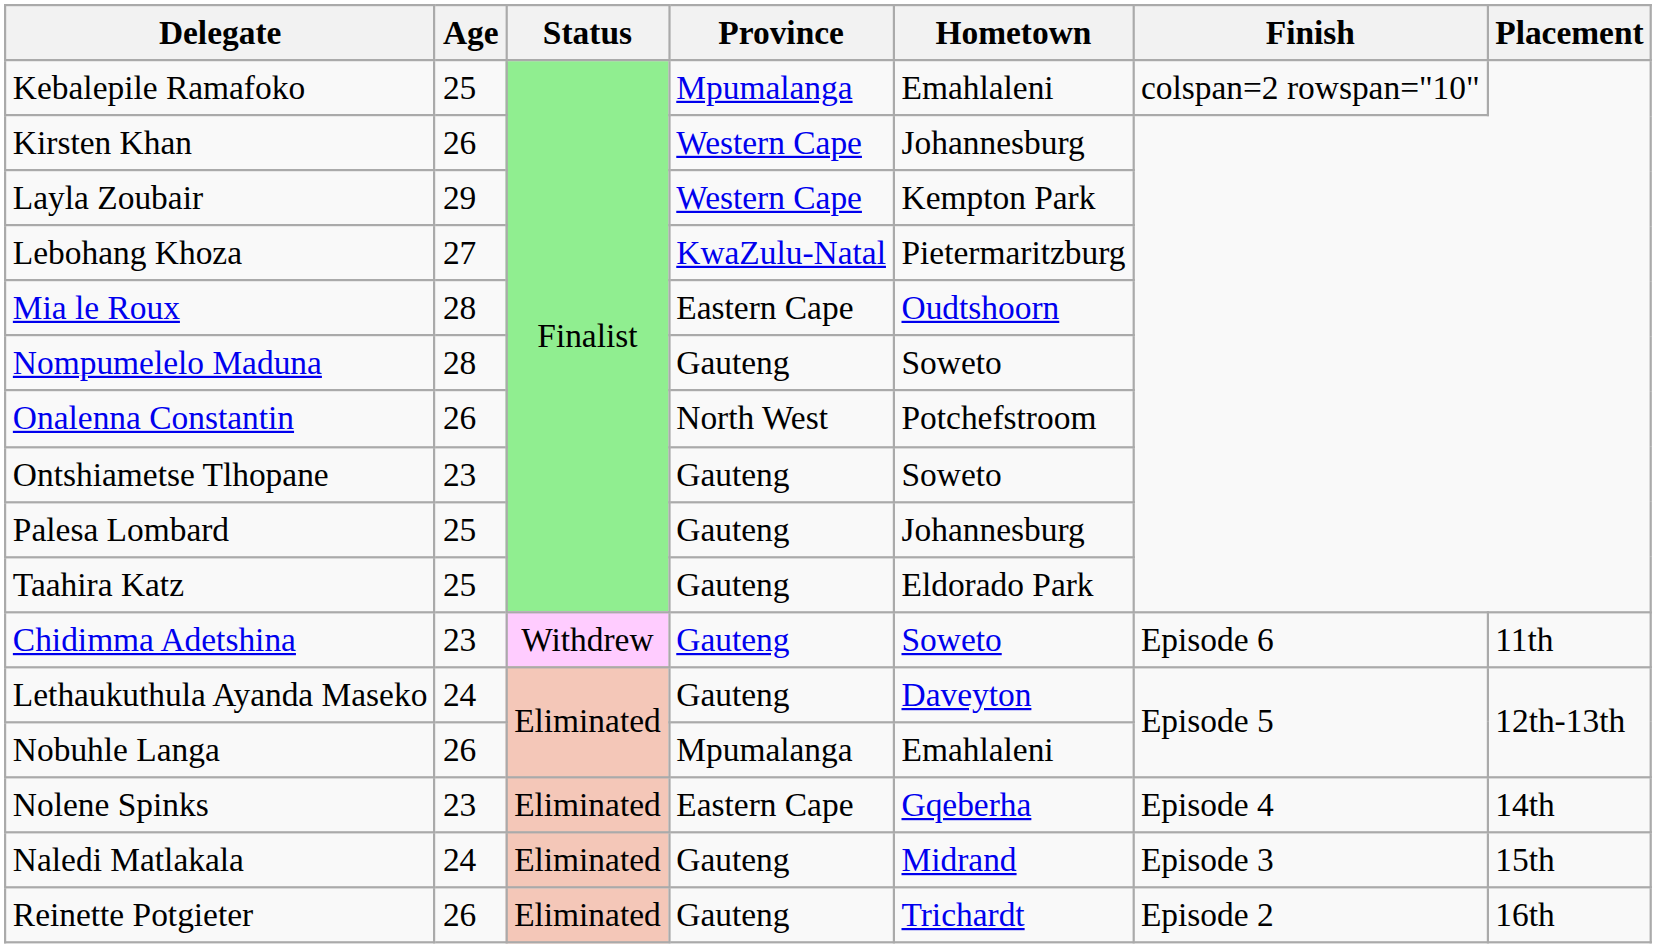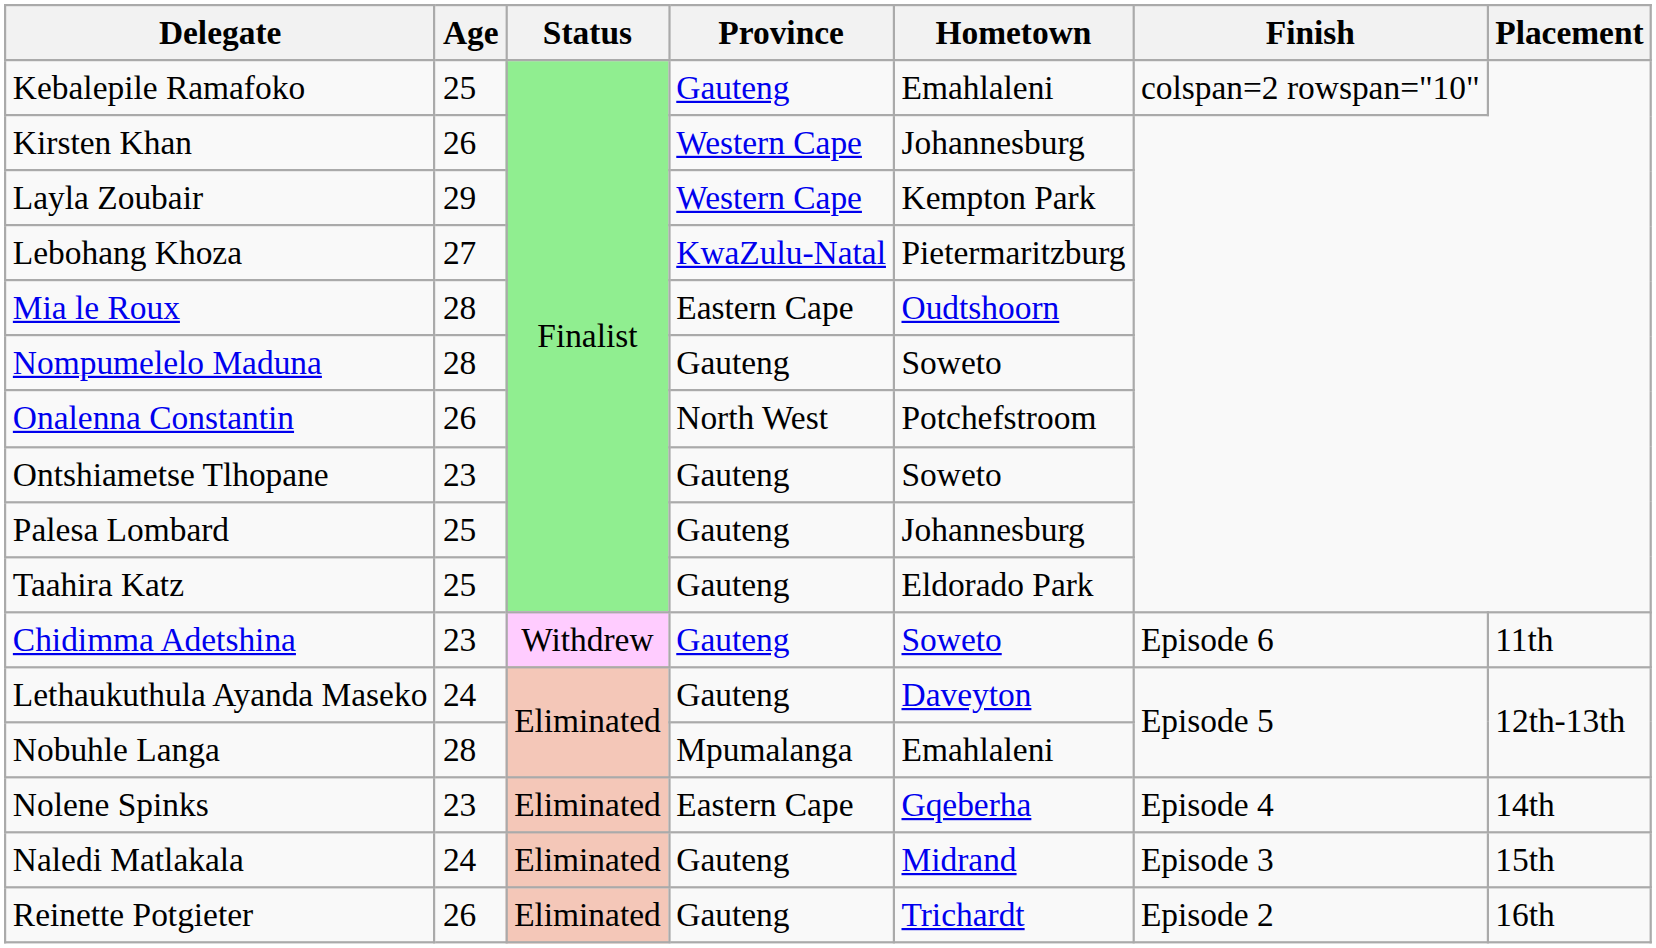 <table class="wikitable sortable" style="font-size: 95%;">
 <tr>
 <th>Delegate</th>
 <th>Age</th>
 <th>Status</th>
 <th>Province</th>
 <th>Hometown</th>
 <th>Finish</th>
 <th>Placement</th>
 </tr>
 <tr>
 <td>Kebalepile Ramafoko</td>
 <td>25</td>
 <td rowspan=10 align=center style="background:lightgreen;">Finalist</td>
-<td><a href='#'>Mpumalanga</a></td>
+<td><a href='#'>Gauteng</a></td>
 <td>Emahlaleni</td>
 <td>colspan=2 rowspan="10" </td>
 </tr>
 <tr>
 <td>Kirsten Khan</td>
 <td>26</td>
 <td><a href='#'>Western Cape</a></td>
 <td>Johannesburg</td>
 </tr>
 <tr>
 <td>Layla Zoubair</td>
 <td>29</td>
 <td><a href='#'>Western Cape</a></td>
 <td>Kempton Park</td>
 </tr>
 <tr>
 <td>Lebohang Khoza</td>
 <td>27</td>
 <td><a href='#'>KwaZulu-Natal</a></td>
 <td>Pietermaritzburg</td>
 </tr>
 <tr>
 <td><a href='#'>Mia le Roux</a></td>
 <td>28</td>
 <td>Eastern Cape</td>
 <td><a href='#'>Oudtshoorn</a></td>
 </tr>
 <tr>
 <td><a href='#'>Nompumelelo Maduna</a></td>
 <td>28</td>
 <td>Gauteng</td>
 <td>Soweto</td>
 </tr>
 <tr>
 <td><a href='#'>Onalenna Constantin</a></td>
 <td>26</td>
 <td>North West</td>
 <td>Potchefstroom</td>
 </tr>
 <tr>
 <td>Ontshiametse Tlhopane</td>
 <td>23</td>
 <td>Gauteng</td>
 <td>Soweto</td>
 </tr>
 <tr>
 <td>Palesa Lombard</td>
 <td>25</td>
 <td>Gauteng</td>
 <td>Johannesburg</td>
 </tr>
 <tr>
 <td>Taahira Katz</td>
 <td>25</td>
 <td>Gauteng</td>
 <td>Eldorado Park</td>
 </tr>
 <tr>
 <td><a href='#'>Chidimma Adetshina</a></td>
 <td>23</td>
 <td align=center style="background:#FCF;">Withdrew</td>
 <td><a href='#'>Gauteng</a></td>
 <td><a href='#'>Soweto</a></td>
 <td>Episode 6</td>
 <td>11th</td>
 </tr>
 <tr>
 <td>Lethaukuthula Ayanda Maseko</td>
 <td>24</td>
 <td align=center rowspan=2 style="background:#f4c7b8;">Eliminated</td>
 <td>Gauteng</td>
 <td><a href='#'>Daveyton</a></td>
 <td rowspan=2>Episode 5</td>
 <td rowspan=2>12th-13th</td>
 </tr>
 <tr>
 <td>Nobuhle Langa</td>
-<td>26</td>
+<td>28</td>
 <td>Mpumalanga</td>
 <td>Emahlaleni</td>
 </tr>
 <tr>
 <td>Nolene Spinks</td>
 <td>23</td>
 <td align=center style="background:#f4c7b8;">Eliminated</td>
 <td>Eastern Cape</td>
 <td><a href='#'>Gqeberha</a></td>
 <td>Episode 4</td>
 <td>14th</td>
 </tr>
 <tr>
 <td>Naledi Matlakala</td>
 <td>24</td>
 <td align=center style="background:#f4c7b8;">Eliminated</td>
 <td>Gauteng</td>
 <td><a href='#'>Midrand</a></td>
 <td>Episode 3</td>
 <td>15th</td>
 </tr>
 <tr>
 <td>Reinette Potgieter</td>
 <td>26</td>
 <td align=center style="background:#f4c7b8;">Eliminated</td>
 <td>Gauteng</td>
 <td><a href='#'>Trichardt</a></td>
 <td>Episode 2</td>
 <td>16th</td>
 </tr>
 </table>
